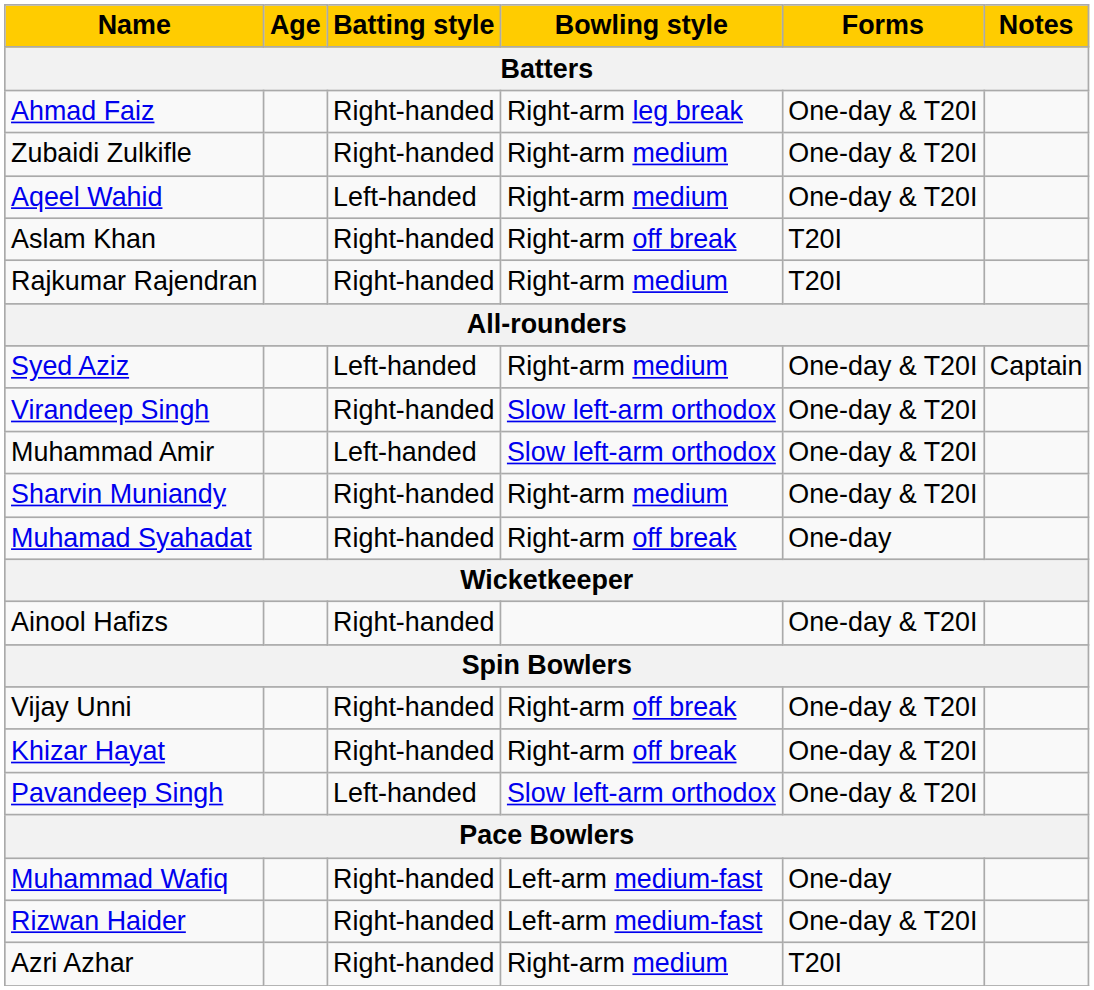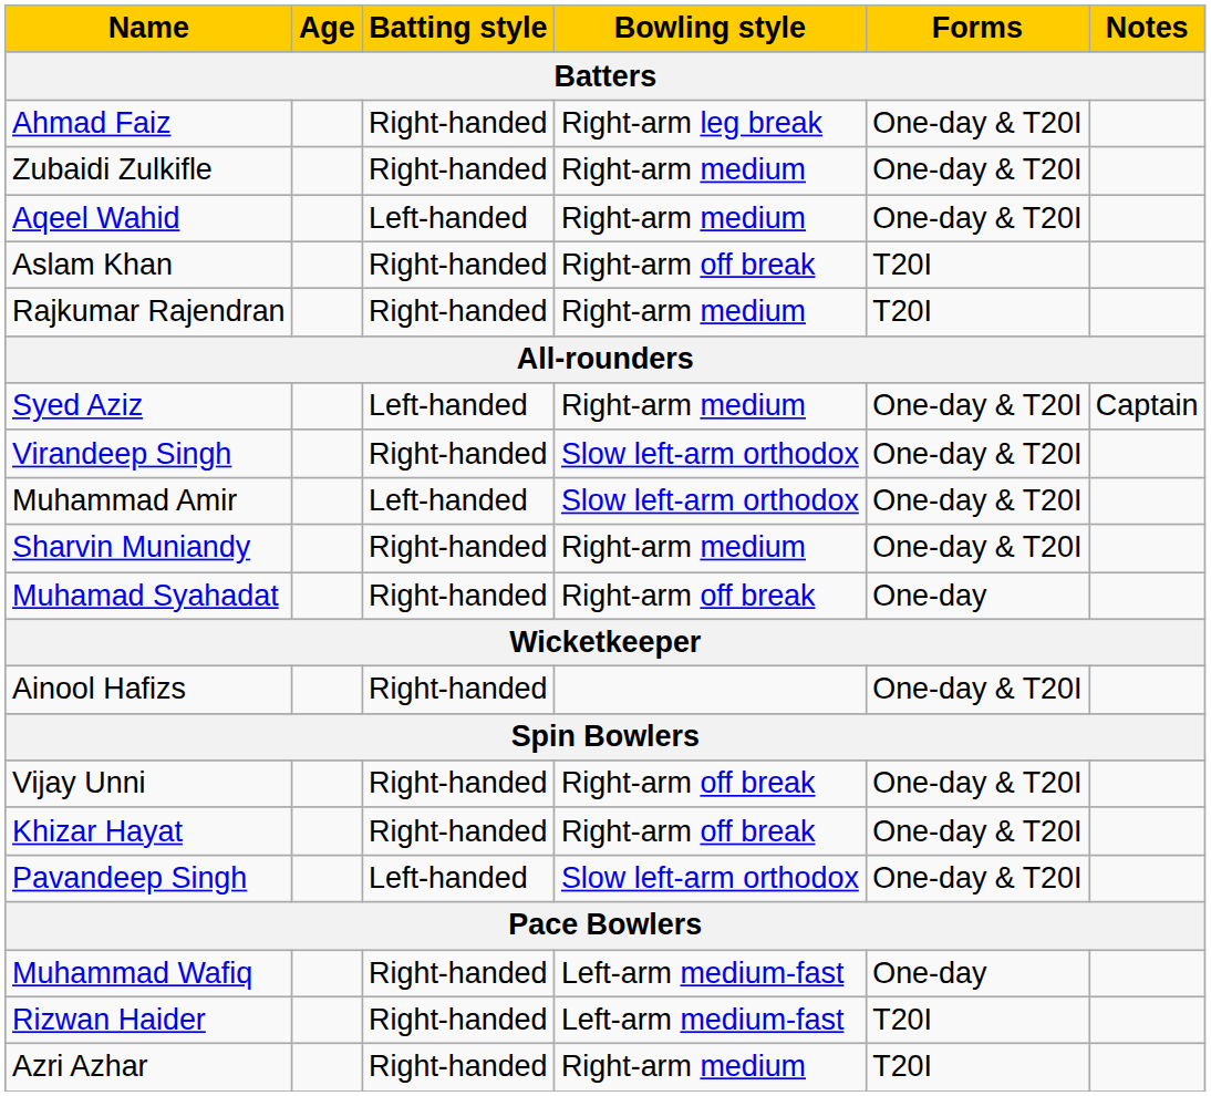 <table class="wikitable">
 <tr>
 <th style="text-align:center; background:#FFCC00; color:black;">Name</th>
 <th style="text-align:center; background:#FFCC00; color:black;">Age</th>
 <th style="text-align:center; background:#FFCC00; color:black;">Batting style</th>
 <th style="text-align:center; background:#FFCC00; color:black;">Bowling style</th>
 <th style="text-align:center; background:#FFCC00; color:black;">Forms</th>
 <th style="text-align:center; background:#FFCC00; color:black;">Notes</th>
 </tr>
 <tr>
 <th colspan="6">Batters</th>
 </tr>
 <tr>
 <td><a href='#'>Ahmad Faiz</a></td>
 <td></td>
 <td>Right-handed</td>
 <td>Right-arm <a href='#'>leg break</a></td>
 <td>One-day & T20I</td>
 <td></td>
 </tr>
 <tr>
 <td>Zubaidi Zulkifle</td>
 <td></td>
 <td>Right-handed</td>
 <td>Right-arm <a href='#'>medium</a></td>
 <td>One-day & T20I</td>
 <td></td>
 </tr>
 <tr>
 <td><a href='#'>Aqeel Wahid</a></td>
 <td></td>
 <td>Left-handed</td>
 <td>Right-arm <a href='#'>medium</a></td>
 <td>One-day & T20I</td>
 <td></td>
 </tr>
 <tr>
 <td>Aslam Khan</td>
 <td></td>
 <td>Right-handed</td>
 <td>Right-arm <a href='#'>off break</a></td>
 <td>T20I</td>
 <td></td>
 </tr>
 <tr>
 <td>Rajkumar Rajendran</td>
 <td></td>
 <td>Right-handed</td>
 <td>Right-arm <a href='#'>medium</a></td>
 <td>T20I</td>
 <td></td>
 </tr>
 <tr>
 <th colspan="6">All-rounders</th>
 </tr>
 <tr>
 <td><a href='#'>Syed Aziz</a></td>
 <td></td>
 <td>Left-handed</td>
 <td>Right-arm <a href='#'>medium</a></td>
 <td>One-day & T20I</td>
 <td>Captain</td>
 </tr>
 <tr>
 <td><a href='#'>Virandeep Singh</a></td>
 <td></td>
 <td>Right-handed</td>
 <td><a href='#'>Slow left-arm orthodox</a></td>
 <td>One-day & T20I</td>
 <td></td>
 </tr>
 <tr>
 <td>Muhammad Amir</td>
 <td></td>
 <td>Left-handed</td>
 <td><a href='#'>Slow left-arm orthodox</a></td>
 <td>One-day & T20I</td>
 <td></td>
 </tr>
 <tr>
 <td><a href='#'>Sharvin Muniandy</a></td>
 <td></td>
 <td>Right-handed</td>
 <td>Right-arm <a href='#'>medium</a></td>
 <td>One-day & T20I</td>
 <td></td>
 </tr>
 <tr>
 <td><a href='#'>Muhamad Syahadat</a></td>
 <td></td>
 <td>Right-handed</td>
 <td>Right-arm <a href='#'>off break</a></td>
 <td>One-day</td>
 <td></td>
 </tr>
 <tr>
 <th colspan="6">Wicketkeeper</th>
 </tr>
 <tr>
 <td>Ainool Hafizs</td>
 <td></td>
 <td>Right-handed</td>
 <td></td>
 <td>One-day & T20I</td>
 <td></td>
 </tr>
 <tr>
 <th colspan="6">Spin Bowlers</th>
 </tr>
 <tr>
 <td>Vijay Unni</td>
 <td></td>
 <td>Right-handed</td>
 <td>Right-arm <a href='#'>off break</a></td>
 <td>One-day & T20I</td>
 <td></td>
 </tr>
 <tr>
 <td><a href='#'>Khizar Hayat</a></td>
 <td></td>
 <td>Right-handed</td>
 <td>Right-arm <a href='#'>off break</a></td>
 <td>One-day & T20I</td>
 <td></td>
 </tr>
 <tr>
 <td><a href='#'>Pavandeep Singh</a></td>
 <td></td>
 <td>Left-handed</td>
 <td><a href='#'>Slow left-arm orthodox</a></td>
 <td>One-day & T20I</td>
 <td></td>
 </tr>
 <tr>
 <th colspan="6">Pace Bowlers</th>
 </tr>
 <tr>
 <td><a href='#'>Muhammad Wafiq</a></td>
 <td></td>
 <td>Right-handed</td>
 <td>Left-arm <a href='#'>medium-fast</a></td>
 <td>One-day</td>
 <td></td>
 </tr>
 <tr>
 <td><a href='#'>Rizwan Haider</a></td>
 <td></td>
 <td>Right-handed</td>
 <td>Left-arm <a href='#'>medium-fast</a></td>
-<td>One-day & T20I</td>
+<td>T20I</td>
 <td></td>
 </tr>
 <tr>
 <td>Azri Azhar</td>
 <td></td>
 <td>Right-handed</td>
 <td>Right-arm <a href='#'>medium</a></td>
 <td>T20I</td>
 <td></td>
 </tr>
 </table>
